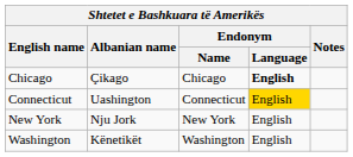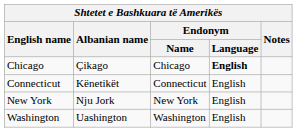 <table class="wikitable sortable">
 <tr>
 <th colspan="5"> <em>Shtetet e Bashkuara të Amerikës</em></th>
 </tr>
 <tr>
 <th rowspan="2">English name</th>
 <th rowspan="2">Albanian name</th>
 <th colspan="2">Endonym</th>
 <th rowspan="2">Notes</th>
 </tr>
 <tr>
 <th>Name</th>
 <th>Language</th>
 </tr>
 <tr>
 <td>Chicago</td>
 <td>Çikago</td>
 <td>Chicago</td>
 <td><strong>English</strong></td>
 <td></td>
 </tr>
 <tr>
 <td>Connecticut</td>
-<td>Uashington</td>
+<td>Kënetikët</td>
 <td>Connecticut</td>
-<td style="background: gold;">English</td>
+<td>English</td>
 <td></td>
 </tr>
 <tr>
 <td>New York</td>
 <td>Nju Jork</td>
 <td>New York</td>
 <td>English</td>
 <td></td>
 </tr>
 <tr>
 <td>Washington</td>
-<td>Kënetikët</td>
+<td>Uashington</td>
 <td>Washington</td>
 <td>English</td>
 <td></td>
 </tr>
 </table>
